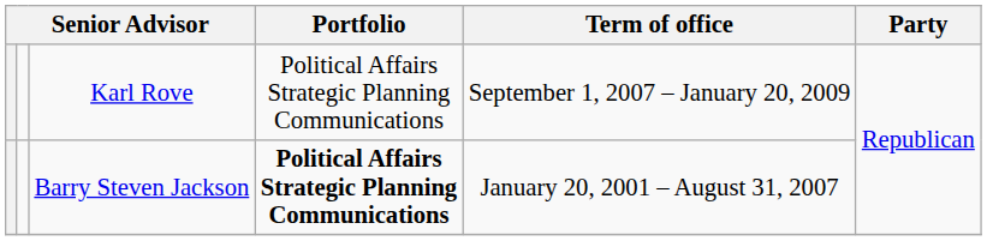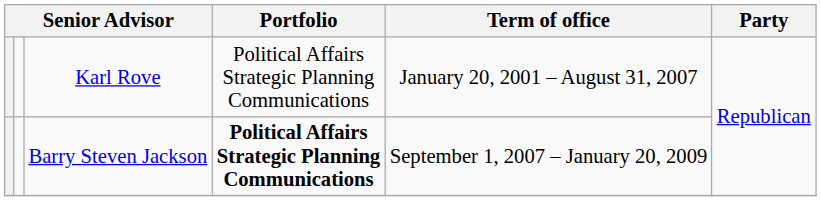 <table class="wikitable" style="text-align:center">
 <tr>
 <th colspan="3">Senior Advisor</th>
 <th>Portfolio</th>
 <th>Term of office</th>
 <th>Party</th>
 </tr>
 <tr>
 <th style="background:"></th>
 <td></td>
 <td><a href='#'>Karl Rove</a><br></td>
 <td>Political Affairs<br>Strategic Planning<br>Communications</td>
-<td>September 1, 2007 – January 20, 2009</td>
+<td>January 20, 2001 – August 31, 2007</td>
 <td rowspan="2"><a href='#'>Republican</a></td>
 </tr>
 <tr>
 <th style="background:"></th>
 <td></td>
 <td><a href='#'>Barry Steven Jackson</a><br></td>
 <td><strong>Political Affairs<br>Strategic Planning<br>Communications</strong></td>
-<td>January 20, 2001 – August 31, 2007</td>
+<td>September 1, 2007 – January 20, 2009</td>
 </tr>
 <tr>
 </tr>
 </table>
